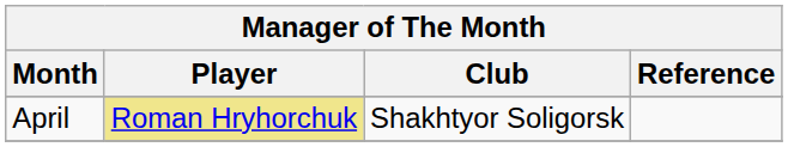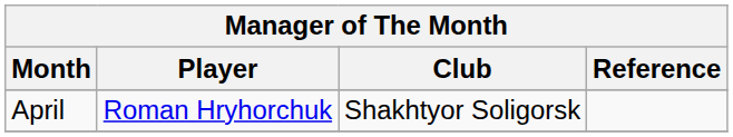 <table class="wikitable collapsible collapsed">
 <tr>
 <th colspan="5">Manager of The Month</th>
 </tr>
 <tr>
 <th>Month</th>
 <th>Player</th>
 <th>Club</th>
 <th>Reference</th>
 </tr>
 <tr>
 </tr>
 <tr>
 <td>April</td>
-<td style="background: khaki;"> <a href='#'>Roman Hryhorchuk</a></td>
+<td> <a href='#'>Roman Hryhorchuk</a></td>
 <td>Shakhtyor Soligorsk</td>
 <td align=center></td>
 </tr>
 <tr>
 </tr>
 </table>
